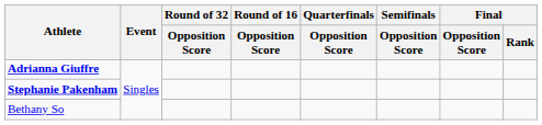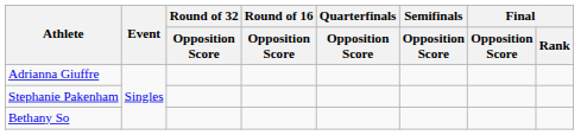 <table class="wikitable" border="1" style="font-size:90%">
 <tr>
 <th rowspan=2>Athlete</th>
 <th rowspan=2>Event</th>
 <th>Round of 32</th>
 <th>Round of 16</th>
 <th>Quarterfinals</th>
 <th>Semifinals</th>
 <th colspan=2>Final</th>
 </tr>
 <tr>
 <th>Opposition<br>Score</th>
 <th>Opposition<br>Score</th>
 <th>Opposition<br>Score</th>
 <th>Opposition<br>Score</th>
 <th>Opposition<br>Score</th>
 <th>Rank</th>
 </tr>
 <tr>
-<td><strong><a href='#'>Adrianna Giuffre</a></strong></td>
+<td><a href='#'>Adrianna Giuffre</a></td>
 <td rowspan=3><a href='#'>Singles</a></td>
 <td align=center></td>
 <td align=center></td>
 <td align=center></td>
 <td align=center></td>
 <td align=center></td>
 <td align=center></td>
 </tr>
 <tr>
-<td><strong><a href='#'>Stephanie Pakenham</a></strong></td>
+<td><a href='#'>Stephanie Pakenham</a></td>
 <td align=center></td>
 <td align=center></td>
 <td align=center></td>
 <td align=center></td>
 <td align=center></td>
 <td align=center></td>
 </tr>
 <tr>
 <td><a href='#'>Bethany So</a></td>
 <td align=center></td>
 <td align=center></td>
 <td align=center></td>
 <td align=center></td>
 <td align=center></td>
 <td align=center></td>
 </tr>
 </table>
